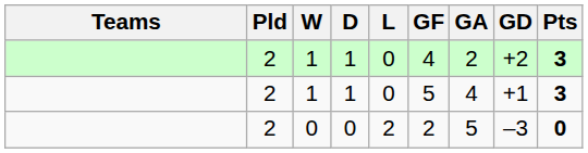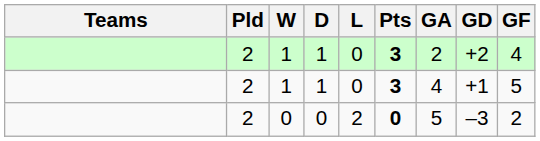 <table class="wikitable" style="text-align: center;">
 <tr>
 <th width=165>Teams</th>
 <th width=20>Pld</th>
 <th width=20>W</th>
 <th width=20>D</th>
 <th width=20>L</th>
-<th width=20>GF</th>
+<th width=20>Pts</th>
 <th width=20>GA</th>
 <th width=20>GD</th>
-<th width=20>Pts</th>
+<th width=20>GF</th>
 </tr>
 <tr align=center style="background:#ccffcc;">
 <td style="text-align:left;"></td>
 <td>2</td>
 <td>1</td>
 <td>1</td>
 <td>0</td>
-<td>4</td>
+<td><strong>3</strong></td>
 <td>2</td>
 <td>+2</td>
-<td><strong>3</strong></td>
+<td>4</td>
 </tr>
 <tr align=center>
 <td style="text-align:left;"></td>
 <td>2</td>
 <td>1</td>
 <td>1</td>
 <td>0</td>
-<td>5</td>
+<td><strong>3</strong></td>
 <td>4</td>
 <td>+1</td>
-<td><strong>3</strong></td>
+<td>5</td>
 </tr>
 <tr align=center>
 <td style="text-align:left;"></td>
 <td>2</td>
 <td>0</td>
 <td>0</td>
 <td>2</td>
-<td>2</td>
+<td><strong>0</strong></td>
 <td>5</td>
 <td>–3</td>
-<td><strong>0</strong></td>
+<td>2</td>
 </tr>
 </table>
